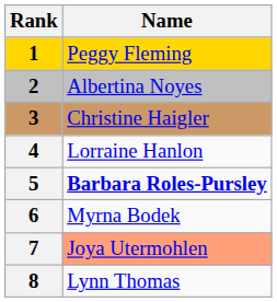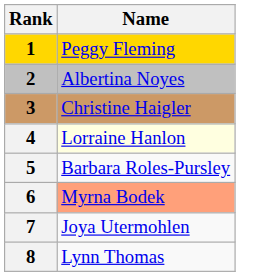 <table class="wikitable">
 <tr>
 <th>Rank</th>
 <th>Name</th>
 </tr>
 <tr bgcolor="gold">
 <td align="center"><strong>1</strong></td>
 <td><a href='#'>Peggy Fleming</a></td>
 </tr>
 <tr bgcolor="silver">
 <td align="center"><strong>2</strong></td>
 <td><a href='#'>Albertina Noyes</a></td>
 </tr>
 <tr bgcolor="cc9966">
 <td align="center"><strong>3</strong></td>
 <td><a href='#'>Christine Haigler</a></td>
 </tr>
 <tr>
 <th>4</th>
-<td><a href='#'>Lorraine Hanlon</a></td>
+<td style="background: lightyellow;"><a href='#'>Lorraine Hanlon</a></td>
 </tr>
 <tr>
 <th>5</th>
-<td><strong><a href='#'>Barbara Roles-Pursley</a></strong></td>
+<td><a href='#'>Barbara Roles-Pursley</a></td>
 </tr>
 <tr>
 <th>6</th>
-<td><a href='#'>Myrna Bodek</a></td>
+<td style="background: lightsalmon;"><a href='#'>Myrna Bodek</a></td>
 </tr>
 <tr>
 <th>7</th>
-<td style="background: lightsalmon;"><a href='#'>Joya Utermohlen</a></td>
+<td><a href='#'>Joya Utermohlen</a></td>
 </tr>
 <tr>
 <th>8</th>
 <td><a href='#'>Lynn Thomas</a></td>
 </tr>
 </table>
